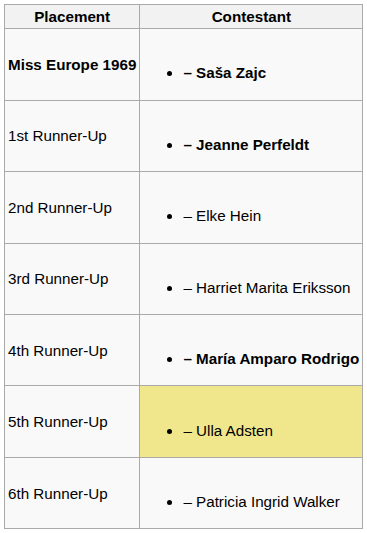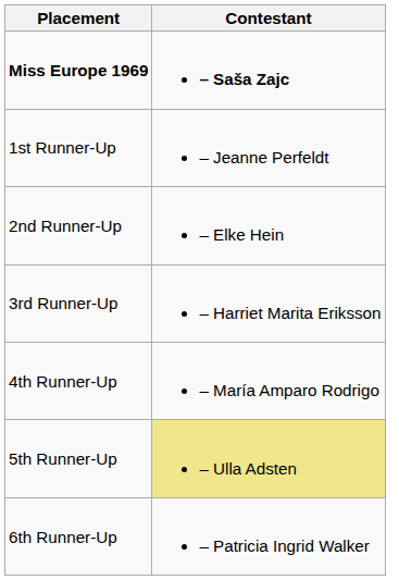 <table class="wikitable sortable" style="font-size: 95%;">
 <tr>
 <th>Placement</th>
 <th>Contestant</th>
 </tr>
 <tr>
 <td><strong>Miss Europe 1969</strong></td>
 <td><br><ul><li><strong> – Saša Zajc</strong></li></ul></td>
 </tr>
 <tr>
 <td>1st Runner-Up</td>
-<td><strong><br><ul><li> – Jeanne Perfeldt</li></ul></strong></td>
+<td><br><ul><li> – Jeanne Perfeldt</li></ul></td>
 </tr>
 <tr>
 <td>2nd Runner-Up</td>
 <td><br><ul><li> – Elke Hein</li></ul></td>
 </tr>
 <tr>
 <td>3rd Runner-Up</td>
 <td><br><ul><li> – Harriet Marita Eriksson</li></ul></td>
 </tr>
 <tr>
 <td>4th Runner-Up</td>
-<td><strong><br><ul><li> – María Amparo Rodrigo</li></ul></strong></td>
+<td><br><ul><li> – María Amparo Rodrigo</li></ul></td>
 </tr>
 <tr>
 <td>5th Runner-Up</td>
 <td style="background: khaki;"><br><ul><li> – Ulla Adsten</li></ul></td>
 </tr>
 <tr>
 <td>6th Runner-Up</td>
 <td><br><ul><li> – Patricia Ingrid Walker</li></ul></td>
 </tr>
 </table>
